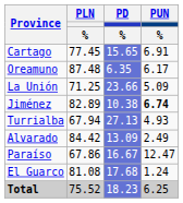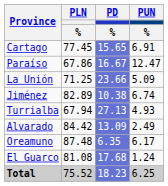 <table class="wikitable mw-collapsible mw-collapsed">
 <tr>
 <th rowspan="3"><a href='#'>Province</a></th>
 <th colspan="1" width="40px"><a href='#'>PLN</a></th>
 <th colspan="1" width="40px"><a href='#'>PD</a></th>
 <th colspan="1" width="40px"><a href='#'>PUN</a></th>
 </tr>
 <tr>
 <th colspan="1" style="background:"></th>
 <th colspan="1" style="background:#2136C2"></th>
 <th colspan="1" style="background:#013d82"></th>
 </tr>
 <tr>
 <th data-sort-type="number">%</th>
 <th data-sort-type="number">%</th>
 <th data-sort-type="number">%</th>
 </tr>
 <tr>
 <td align="left"><a href='#'>Cartago</a></td>
 <td style="background:">77.45</td>
 <td style="background:#6372d4; color:white;">15.65</td>
 <td>6.91</td>
 </tr>
 <tr>
-<td align="left"><a href='#'>Oreamuno</a></td>
-<td style="background:">87.48</td>
-<td style="background:#6372d4; color:white;">6.35</td>
-<td>6.17</td>
+<td align="left"><a href='#'>Paraíso</a></td>
+<td style="background:">67.86</td>
+<td style="background:#6372d4; color:white;">16.67</td>
+<td>12.47</td>
 </tr>
 <tr>
 <td align="left"><a href='#'>La Unión</a></td>
 <td style="background:">71.25</td>
 <td style="background:#6372d4; color:white;">23.66</td>
 <td>5.09</td>
 </tr>
 <tr>
 <td align="left"><a href='#'>Jiménez</a></td>
 <td style="background:">82.89</td>
 <td style="background:#6372d4; color:white;">10.38</td>
-<td><strong>6.74</strong></td>
+<td>6.74</td>
 </tr>
 <tr>
 <td align="left"><a href='#'>Turrialba</a></td>
 <td style="background:">67.94</td>
 <td style="background:#6372d4; color:white;">27.13</td>
 <td>4.93</td>
 </tr>
 <tr>
 <td align="left"><a href='#'>Alvarado</a></td>
 <td style="background:">84.42</td>
 <td style="background:#6372d4; color:white;">13.09</td>
 <td>2.49</td>
 </tr>
 <tr>
-<td align="left"><a href='#'>Paraíso</a></td>
-<td style="background:">67.86</td>
-<td style="background:#6372d4; color:white;">16.67</td>
-<td>12.47</td>
+<td align="left"><a href='#'>Oreamuno</a></td>
+<td style="background:">87.48</td>
+<td style="background:#6372d4; color:white;">6.35</td>
+<td>6.17</td>
 </tr>
 <tr>
 <td align="left"><a href='#'>El Guarco</a></td>
 <td style="background:">81.08</td>
 <td style="background:#6372d4; color:white;">17.68</td>
 <td>1.24</td>
 </tr>
 <tr style="background:#CDCDCD;">
 <td align="left"><strong>Total</strong></td>
 <td style="background:">75.52</td>
 <td style="background:#6372d4; color:white;">18.23</td>
 <td>6.25</td>
 </tr>
 </table>
